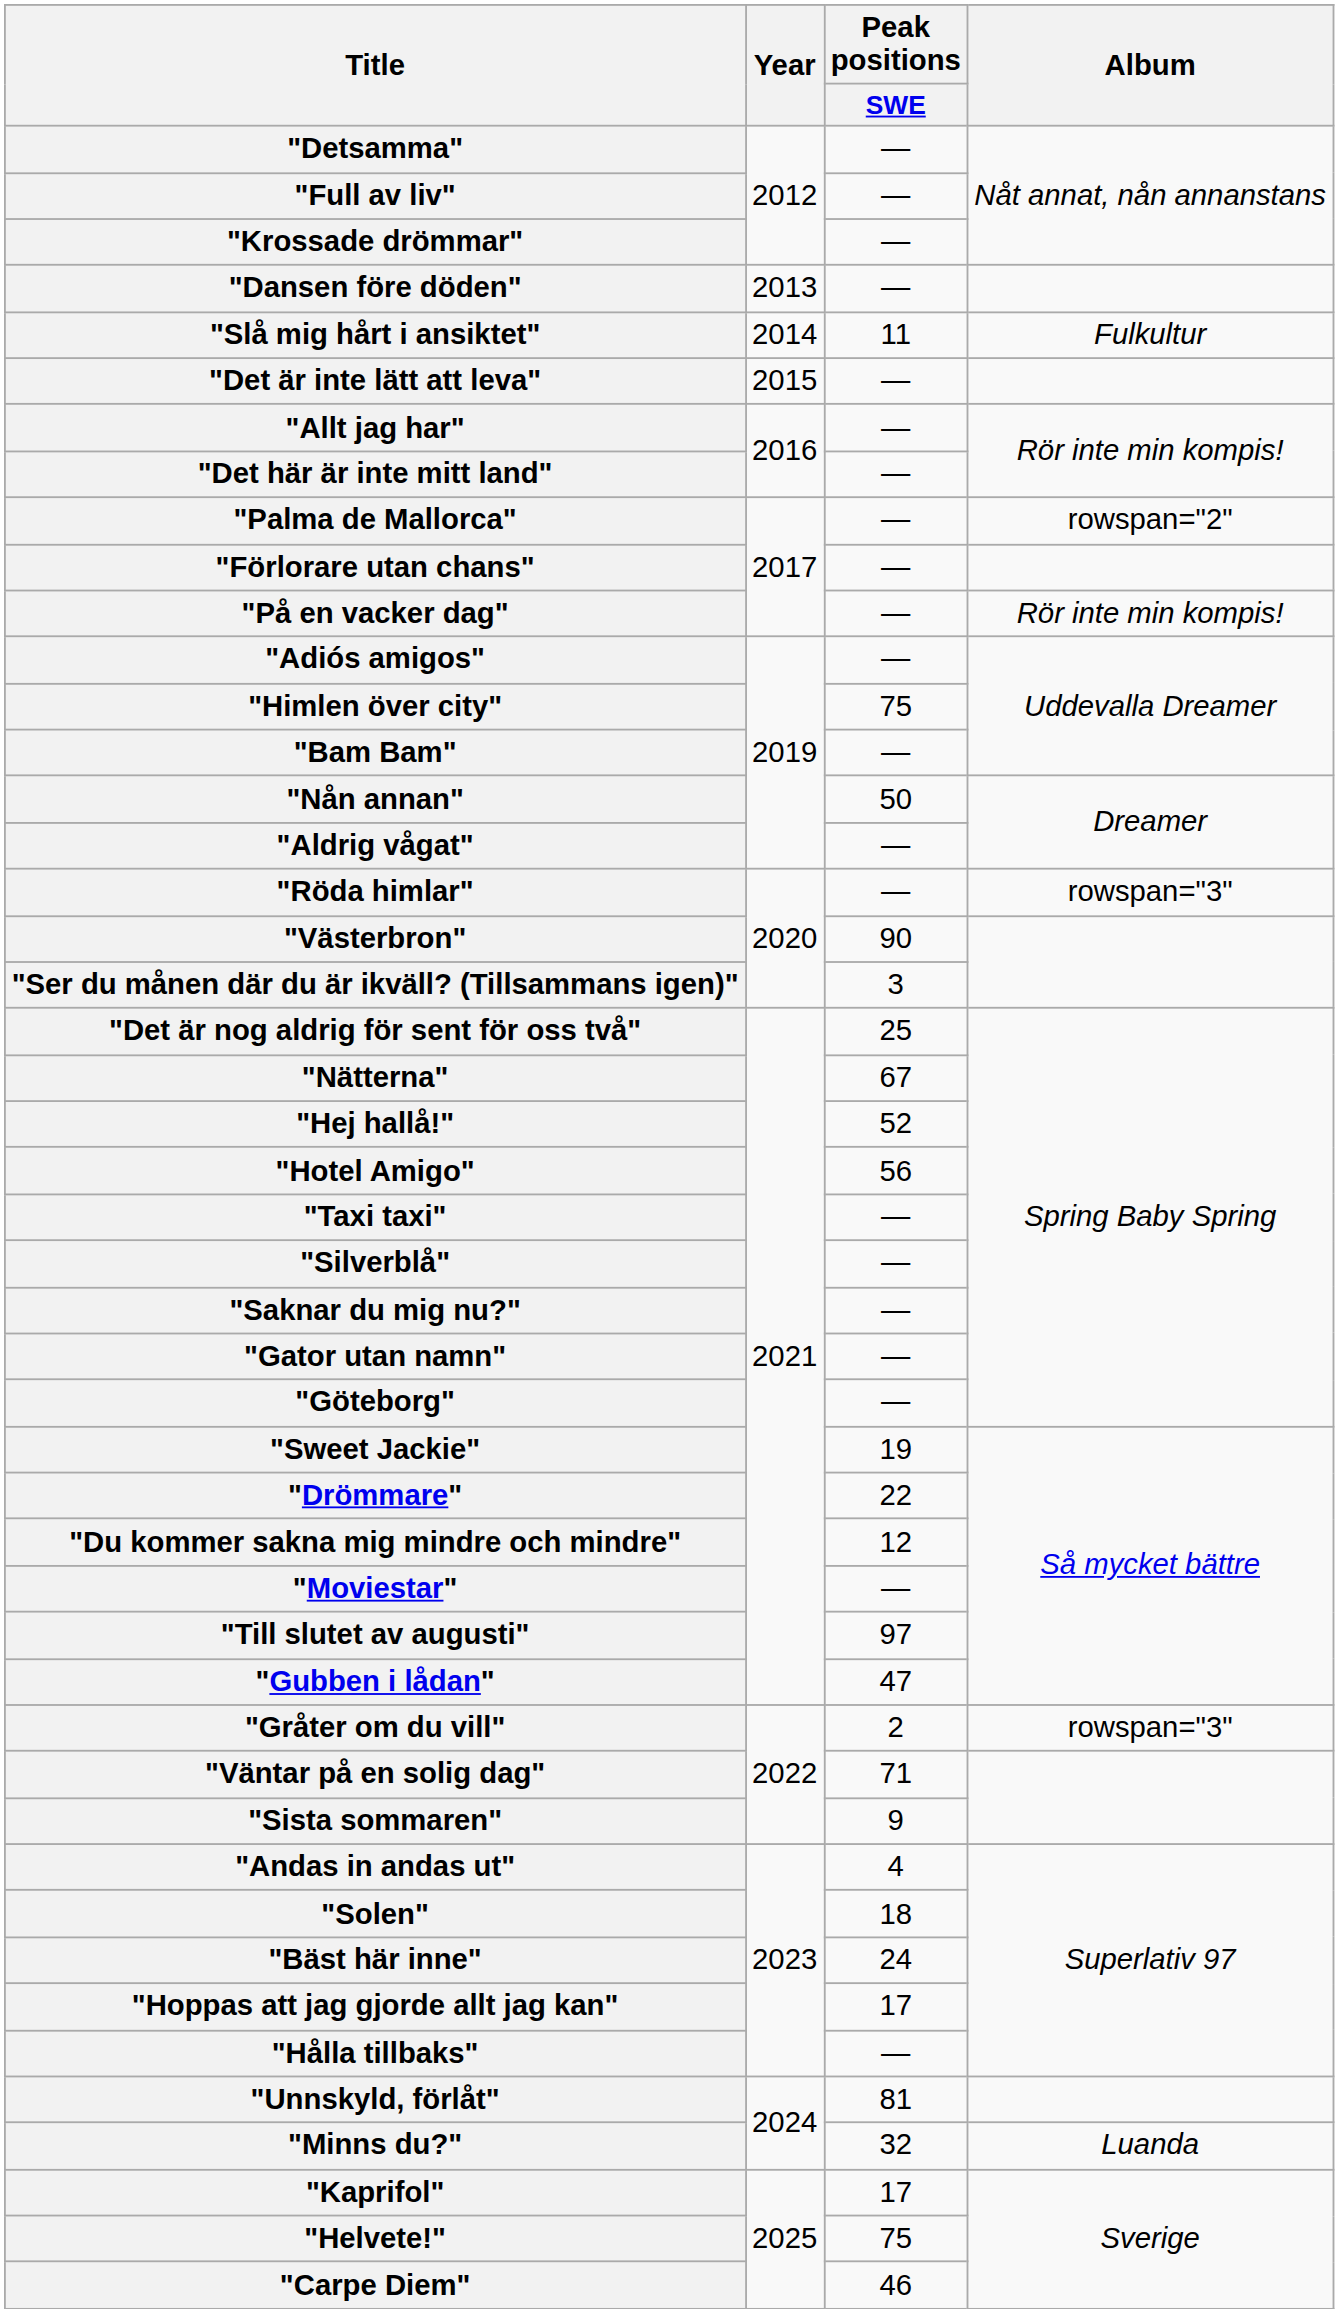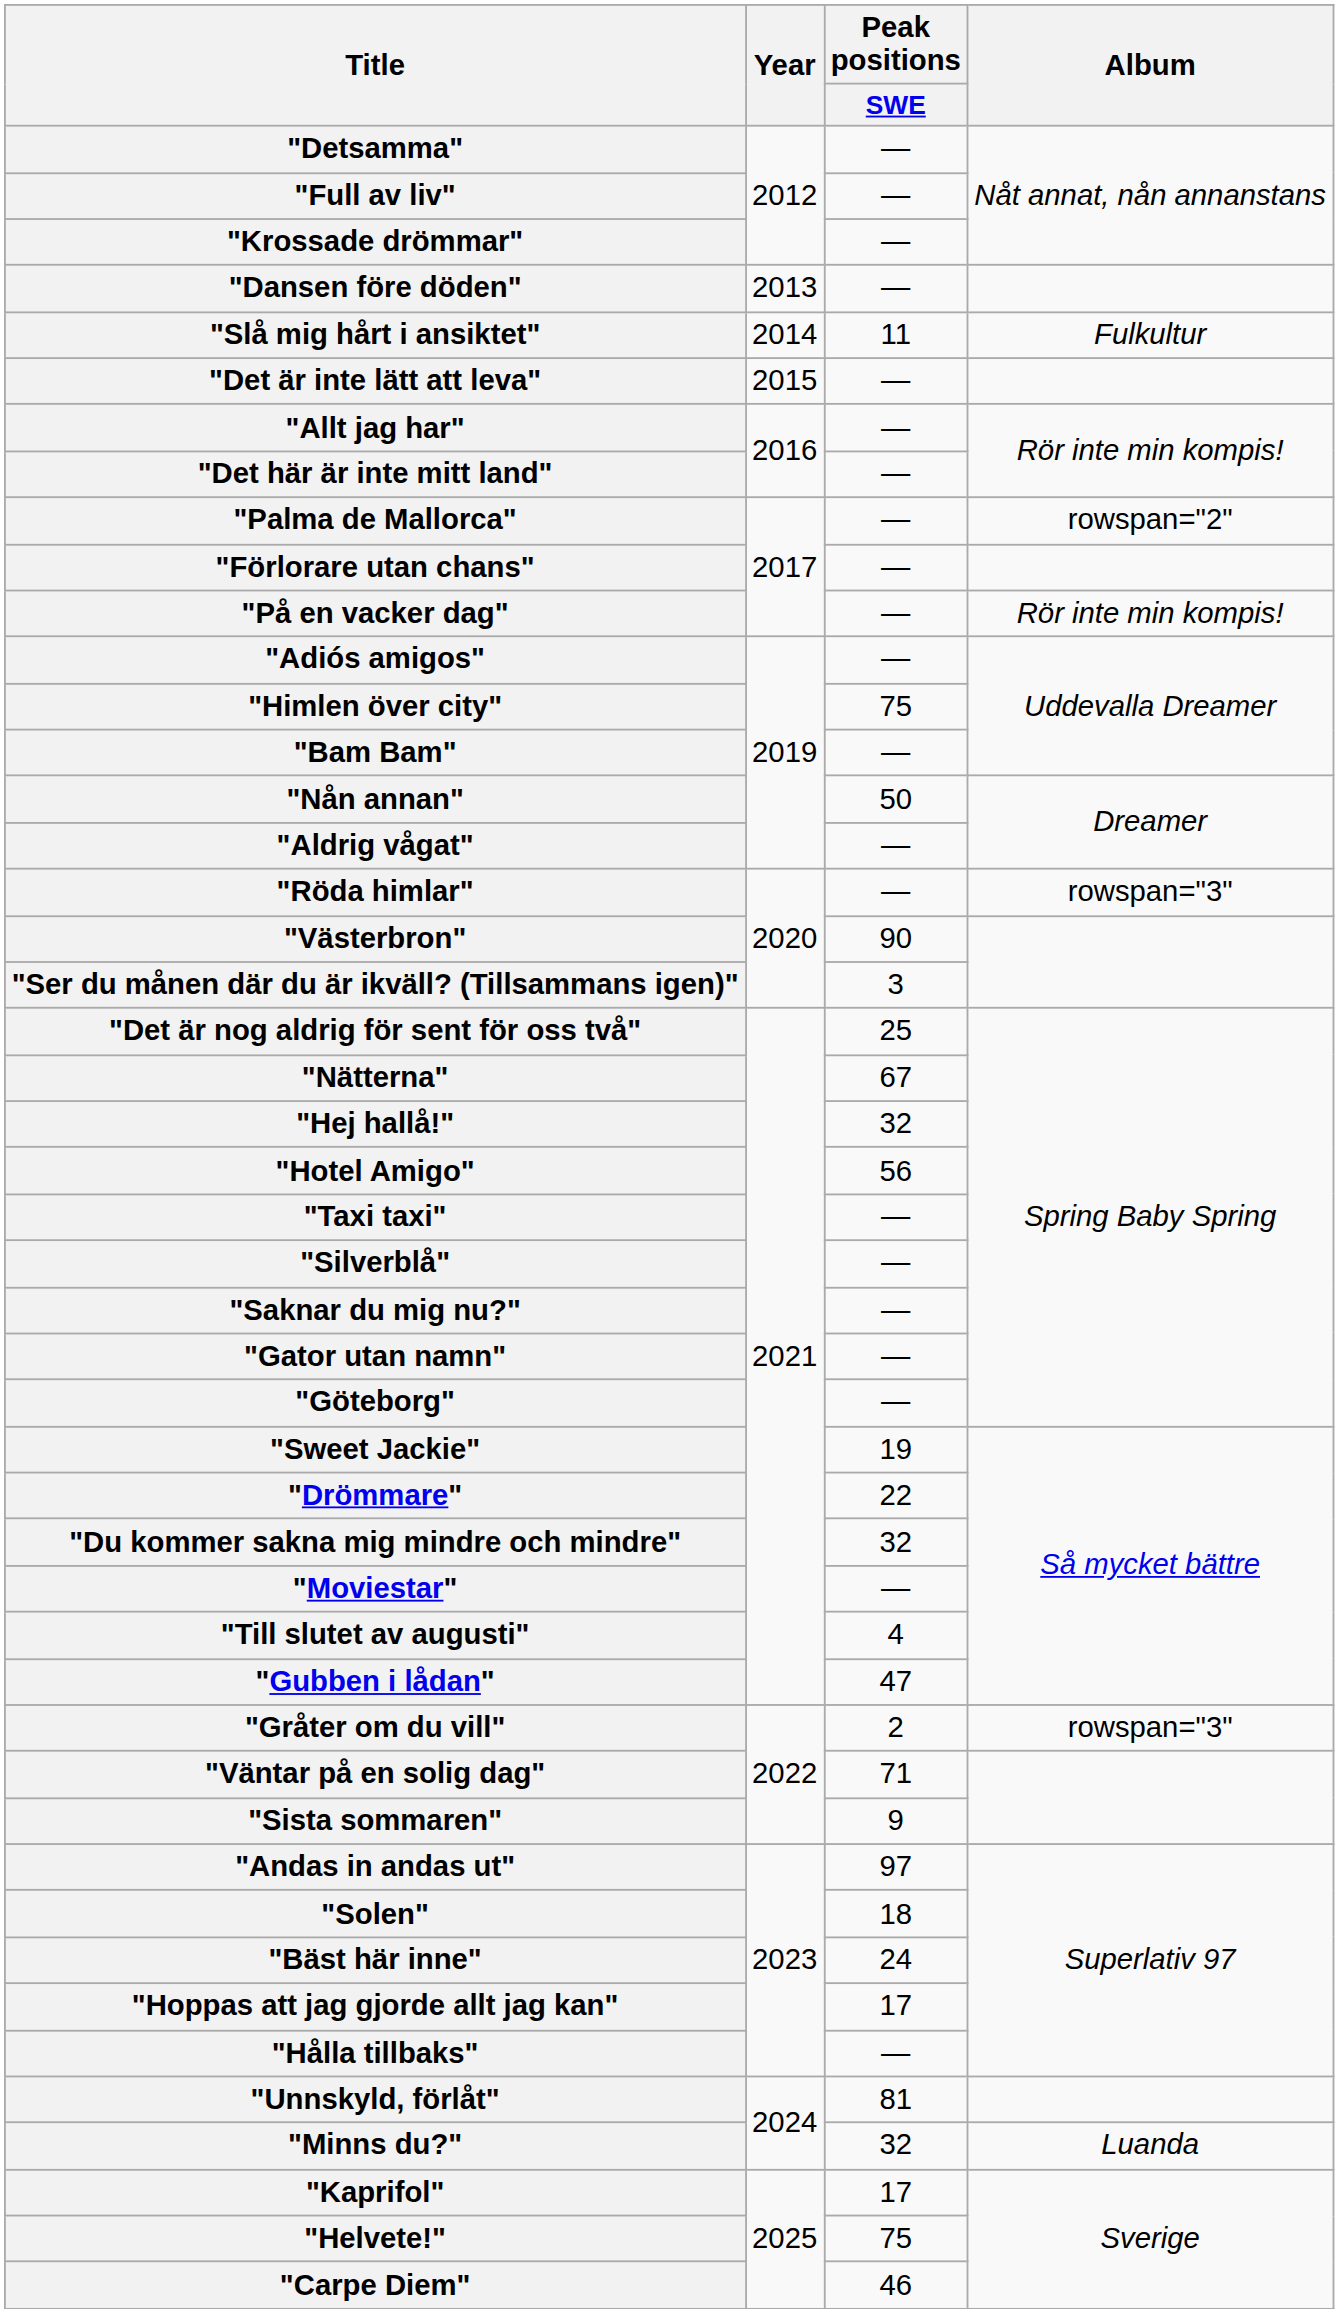 <table class="wikitable plainrowheaders" style="text-align:center;">
 <tr>
 <th scope="col" rowspan="2">Title</th>
 <th scope="col" rowspan="2">Year</th>
 <th scope="col" colspan="1">Peak positions</th>
 <th scope="col" rowspan="2">Album</th>
 </tr>
 <tr>
 <th scope="col" style="width:3em;font-size:90%;"><a href='#'>SWE</a><br></th>
 </tr>
 <tr>
 <th scope="row">"Detsamma"</th>
 <td rowspan="3">2012</td>
 <td>—</td>
 <td rowspan="3"><em>Nåt annat, nån annanstans</em></td>
 </tr>
 <tr>
 <th scope="row">"Full av liv"</th>
 <td>—</td>
 </tr>
 <tr>
 <th scope="row">"Krossade drömmar"</th>
 <td>—</td>
 </tr>
 <tr>
 <th scope="row">"Dansen före döden"</th>
 <td>2013</td>
 <td>—</td>
 <td></td>
 </tr>
 <tr>
 <th scope="row">"Slå mig hårt i ansiktet"</th>
 <td>2014</td>
 <td>11</td>
 <td><em>Fulkultur</em></td>
 </tr>
 <tr>
 <th scope="row">"Det är inte lätt att leva"</th>
 <td>2015</td>
 <td>—</td>
 <td></td>
 </tr>
 <tr>
 <th scope="row">"Allt jag har"</th>
 <td rowspan="2">2016</td>
 <td>—</td>
 <td rowspan="2"><em>Rör inte min kompis!</em></td>
 </tr>
 <tr>
 <th scope="row">"Det här är inte mitt land"<br></th>
 <td>—</td>
 </tr>
 <tr>
 <th scope="row">"Palma de Mallorca"</th>
 <td rowspan="3">2017</td>
 <td>—</td>
 <td>rowspan="2"</td>
 </tr>
 <tr>
 <th scope="row">"Förlorare utan chans"<br></th>
 <td>—</td>
 </tr>
 <tr>
 <th scope="row">"På en vacker dag"<br></th>
 <td>—</td>
 <td><em>Rör inte min kompis!</em></td>
 </tr>
 <tr>
 <th scope="row">"Adiós amigos"</th>
 <td rowspan="5">2019</td>
 <td>—</td>
 <td rowspan="3"><em>Uddevalla Dreamer</em></td>
 </tr>
 <tr>
 <th scope="row">"Himlen över city"</th>
 <td>75</td>
 </tr>
 <tr>
 <th scope="row">"Bam Bam"</th>
 <td>—</td>
 </tr>
 <tr>
 <th scope="row">"Nån annan"</th>
 <td>50</td>
 <td rowspan="2"><em>Dreamer</em></td>
 </tr>
 <tr>
 <th scope="row">"Aldrig vågat"</th>
 <td>—</td>
 </tr>
 <tr>
 <th scope="row">"Röda himlar"</th>
 <td rowspan="3">2020</td>
 <td>—</td>
 <td>rowspan="3"</td>
 </tr>
 <tr>
 <th scope="row">"Västerbron"<br></th>
 <td>90<br></td>
 </tr>
 <tr>
 <th scope="row">"Ser du månen där du är ikväll? (Tillsammans igen)"</th>
 <td>3</td>
 </tr>
 <tr>
 <th scope="row">"Det är nog aldrig för sent för oss två"</th>
 <td rowspan="15">2021</td>
 <td>25</td>
 <td rowspan="9"><em>Spring Baby Spring</em></td>
 </tr>
 <tr>
 <th scope="row">"Nätterna"</th>
 <td>67</td>
 </tr>
 <tr>
 <th scope="row">"Hej hallå!"</th>
-<td>52</td>
+<td>32<br></td>
 </tr>
 <tr>
 <th scope="row">"Hotel Amigo"<br></th>
 <td>56<br></td>
 </tr>
 <tr>
 <th scope="row">"Taxi taxi"</th>
 <td>—</td>
 </tr>
 <tr>
 <th scope="row">"Silverblå"</th>
 <td>—</td>
 </tr>
 <tr>
 <th scope="row">"Saknar du mig nu?"</th>
 <td>—</td>
 </tr>
 <tr>
 <th scope="row">"Gator utan namn"</th>
 <td>—</td>
 </tr>
 <tr>
 <th scope="row">"Göteborg"</th>
 <td>—</td>
 </tr>
 <tr>
 <th scope="row">"Sweet Jackie"</th>
 <td>19</td>
 <td rowspan="6"><em><a href='#'>Så mycket bättre</a></em></td>
 </tr>
 <tr>
 <th scope="row">"<a href='#'>Drömmare</a>"</th>
 <td>22</td>
 </tr>
 <tr>
 <th scope="row">"Du kommer sakna mig mindre och mindre"</th>
-<td>12</td>
+<td>32<br></td>
 </tr>
 <tr>
 <th scope="row">"<a href='#'>Moviestar</a>"</th>
 <td>—</td>
 </tr>
 <tr>
 <th scope="row">"Till slutet av augusti"</th>
-<td>97</td>
+<td>4</td>
 </tr>
 <tr>
 <th scope="row">"<a href='#'>Gubben i lådan</a>"<br></th>
 <td>47<br></td>
 </tr>
 <tr>
 <th scope="row">"Gråter om du vill"<br></th>
 <td rowspan="3">2022</td>
 <td>2<br></td>
 <td>rowspan="3" </td>
 </tr>
 <tr>
 <th scope="row">"Väntar på en solig dag"</th>
 <td>71</td>
 </tr>
 <tr>
 <th scope="row">"Sista sommaren"</th>
 <td>9</td>
 </tr>
 <tr>
 <th scope="row">"Andas in andas ut"</th>
 <td rowspan="5">2023</td>
-<td>4</td>
+<td>97</td>
 <td rowspan="5"><em>Superlativ 97</em></td>
 </tr>
 <tr>
 <th scope="row">"Solen"</th>
 <td>18</td>
 </tr>
 <tr>
 <th scope="row">"Bäst här inne"</th>
 <td>24</td>
 </tr>
 <tr>
 <th scope="row">"Hoppas att jag gjorde allt jag kan"</th>
 <td>17</td>
 </tr>
 <tr>
 <th scope="row">"Hålla tillbaks"<br></th>
 <td>—</td>
 </tr>
 <tr>
 <th scope="row">"Unnskyld, förlåt"<br></th>
 <td rowspan="2">2024</td>
 <td>81</td>
 <td></td>
 </tr>
 <tr>
 <th scope="row">"Minns du?"<br></th>
 <td>32<br></td>
 <td><em>Luanda</em></td>
 </tr>
 <tr>
 <th scope="row">"Kaprifol"</th>
 <td rowspan="3">2025</td>
 <td>17</td>
 <td rowspan="3"><em>Sverige</em></td>
 </tr>
 <tr>
 <th scope="row">"Helvete!"</th>
 <td>75<br></td>
 </tr>
 <tr>
 <th scope="row">"Carpe Diem"</th>
 <td>46<br></td>
 </tr>
 </table>
